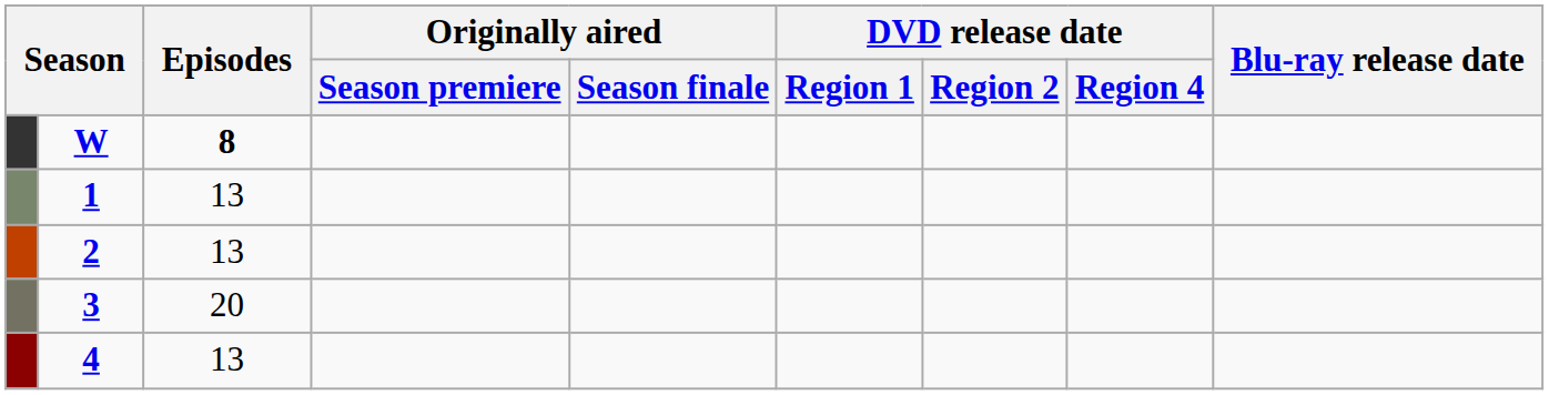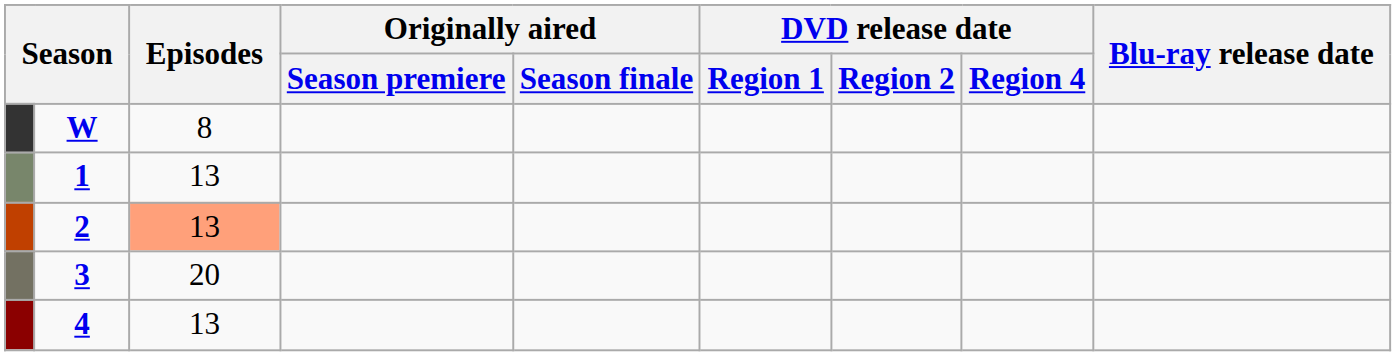 <table class="wikitable" style="text-align: center;">
 <tr>
 <th style="padding: 0 8px;" colspan="2" rowspan="2">Season</th>
 <th style="padding: 0 8px;" rowspan="2">Episodes</th>
 <th colspan="2">Originally aired</th>
 <th colspan="3"><a href='#'>DVD</a> release date</th>
 <th style="padding: 0 8px;" rowspan="2"><a href='#'>Blu-ray</a> release date</th>
 </tr>
 <tr>
 <th><a href='#'>Season premiere</a></th>
 <th><a href='#'>Season finale</a></th>
 <th><a href='#'>Region 1</a></th>
 <th><a href='#'>Region 2</a></th>
 <th><a href='#'>Region 4</a></th>
 </tr>
 <tr>
 <td bgcolor="333333"></td>
 <td><strong><a href='#'>W</a></strong></td>
-<td><strong>8</strong></td>
+<td>8</td>
 <td></td>
 <td></td>
 <td style="padding: 0 8px;"></td>
 <td style="padding: 0 8px;"></td>
 <td style="padding: 0 8px;"></td>
 <td></td>
 </tr>
 <tr>
 <td bgcolor="78866B"></td>
 <td><strong><a href='#'>1</a></strong></td>
 <td>13</td>
 <td></td>
 <td></td>
 <td></td>
 <td></td>
 <td></td>
 <td></td>
 </tr>
 <tr>
 <td bgcolor="C04000"></td>
 <td><strong><a href='#'>2</a></strong></td>
-<td>13</td>
+<td style="background: lightsalmon;">13</td>
 <td></td>
 <td style="padding: 0 8px;"></td>
 <td></td>
 <td></td>
 <td></td>
 <td></td>
 </tr>
 <tr>
 <td bgcolor="737162"></td>
 <td><strong><a href='#'>3</a></strong></td>
 <td>20</td>
 <td style="padding: 0 8px;"></td>
 <td></td>
 <td></td>
 <td style="padding: 0 8px;"></td>
 <td style="padding: 0 8px;"></td>
 <td></td>
 </tr>
 <tr>
 <td bgcolor="8B0000"></td>
 <td><strong><a href='#'>4</a></strong></td>
 <td>13</td>
 <td></td>
 <td style="padding: 0 8px;"></td>
 <td></td>
 <td></td>
 <td></td>
 <td></td>
 </tr>
 </table>
